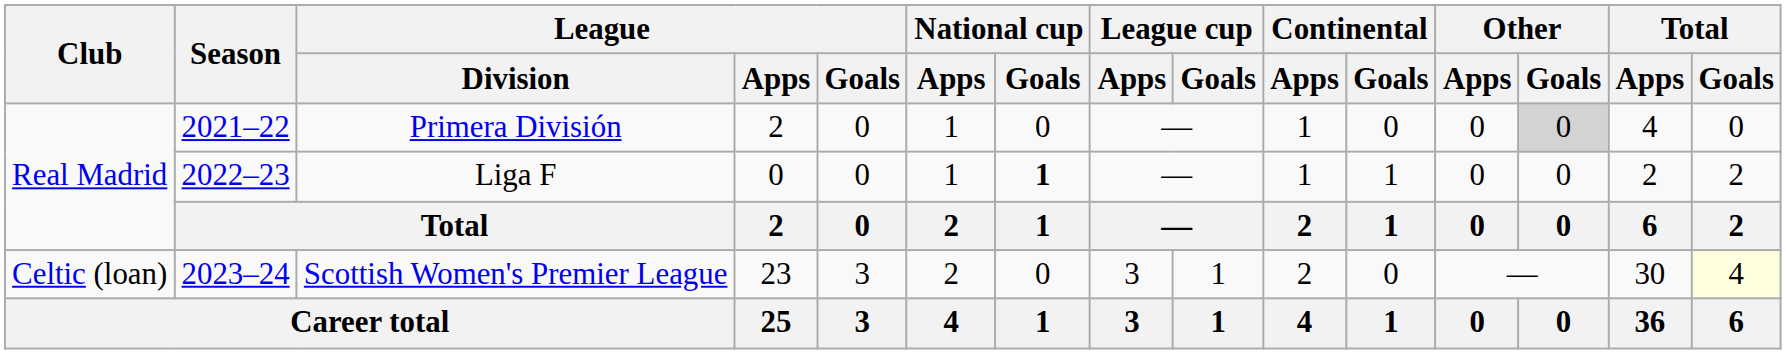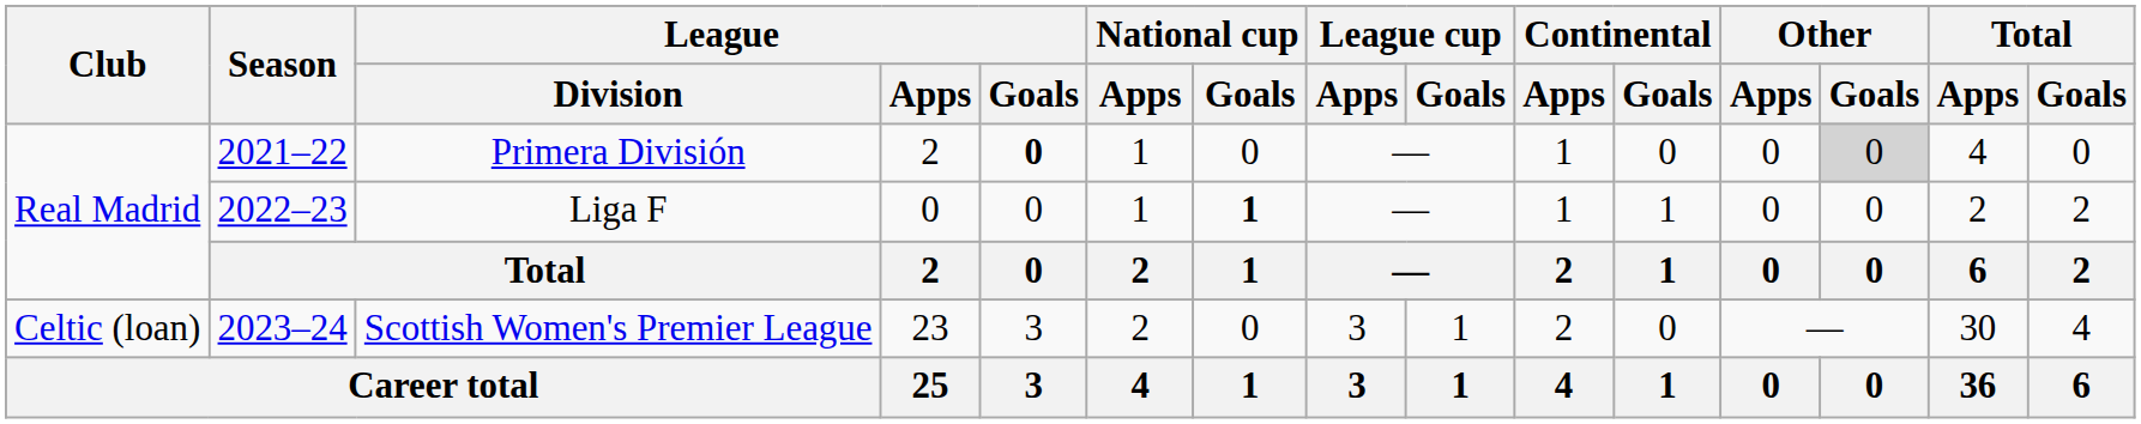 <table class="wikitable" style="text-align:center">
 <tr>
 <th rowspan="2">Club</th>
 <th rowspan="2">Season</th>
 <th colspan="3">League</th>
 <th colspan="2">National cup</th>
 <th colspan="2">League cup</th>
 <th colspan="2">Continental</th>
 <th colspan="2">Other</th>
 <th colspan="2">Total</th>
 </tr>
 <tr>
 <th>Division</th>
 <th>Apps</th>
 <th>Goals</th>
 <th>Apps</th>
 <th>Goals</th>
 <th>Apps</th>
 <th>Goals</th>
 <th>Apps</th>
 <th>Goals</th>
 <th>Apps</th>
 <th>Goals</th>
 <th>Apps</th>
 <th>Goals</th>
 </tr>
 <tr>
 <td rowspan="3"><a href='#'>Real Madrid</a></td>
 <td><a href='#'>2021–22</a></td>
 <td><a href='#'>Primera División</a></td>
 <td>2</td>
-<td>0</td>
+<td><strong>0</strong></td>
 <td>1</td>
 <td>0</td>
 <td colspan="2">—</td>
 <td>1</td>
 <td>0</td>
 <td>0</td>
 <td style="background: lightgrey;">0</td>
 <td>4</td>
 <td>0</td>
 </tr>
 <tr>
 <td><a href='#'>2022–23</a></td>
 <td>Liga F</td>
 <td>0</td>
 <td>0</td>
 <td>1</td>
 <td><strong>1</strong></td>
 <td colspan="2">—</td>
 <td>1</td>
 <td>1</td>
 <td>0</td>
 <td>0</td>
 <td>2</td>
 <td>2</td>
 </tr>
 <tr>
 <th colspan="2">Total</th>
 <th>2</th>
 <th>0</th>
 <th>2</th>
 <th>1</th>
 <th colspan="2">—</th>
 <th>2</th>
 <th>1</th>
 <th>0</th>
 <th>0</th>
 <th>6</th>
 <th>2</th>
 </tr>
 <tr>
 <td><a href='#'>Celtic</a> (loan)</td>
 <td><a href='#'>2023–24</a></td>
 <td><a href='#'>Scottish Women's Premier League</a></td>
 <td>23</td>
 <td>3</td>
 <td>2</td>
 <td>0</td>
 <td>3</td>
 <td>1</td>
 <td>2</td>
 <td>0</td>
 <td colspan="2">—</td>
 <td>30</td>
-<td style="background: lightyellow;">4</td>
+<td>4</td>
 </tr>
 <tr>
 <th colspan="3">Career total</th>
 <th>25</th>
 <th>3</th>
 <th>4</th>
 <th>1</th>
 <th>3</th>
 <th>1</th>
 <th>4</th>
 <th>1</th>
 <th>0</th>
 <th>0</th>
 <th>36</th>
 <th>6</th>
 </tr>
 </table>
